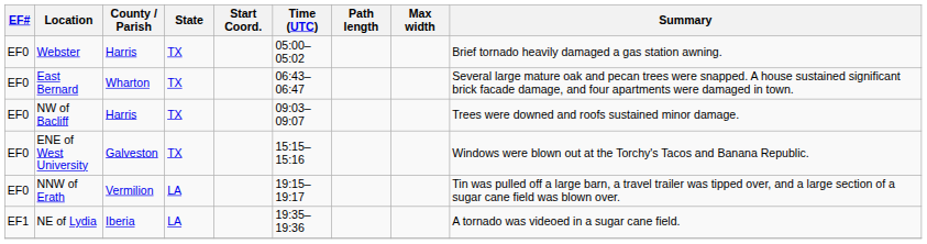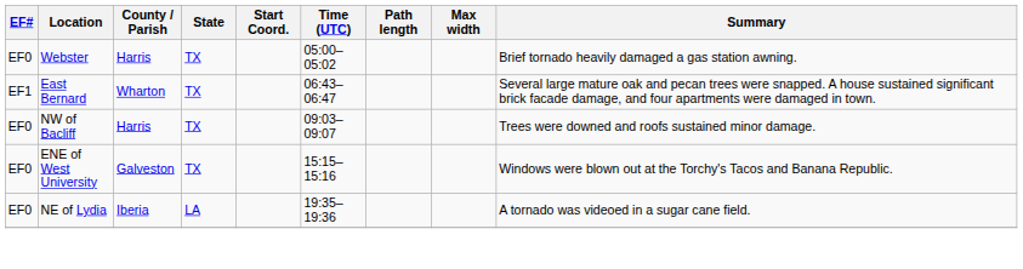 <table class="wikitable sortable" style="width:100%;">
 <tr>
 <th scope="col"  style="width:3%; text-align:center;"><a href='#'>EF#</a></th>
 <th scope="col"  style="width:7%; text-align:center;" class="unsortable">Location</th>
 <th scope="col"  style="width:6%; text-align:center;" class="unsortable">County / Parish</th>
 <th scope="col"  style="width:5%; text-align:center;">State</th>
 <th scope="col"  style="width:6%; text-align:center;">Start Coord.</th>
 <th scope="col"  style="width:6%; text-align:center;">Time (<a href='#'>UTC</a>)</th>
 <th scope="col"  style="width:6%; text-align:center;">Path length</th>
 <th scope="col"  style="width:6%; text-align:center;">Max width</th>
 <th scope="col" class="unsortable" style="width:48%; text-align:center;">Summary</th>
 </tr>
 <tr>
 <td>EF0</td>
 <td><a href='#'>Webster</a></td>
 <td><a href='#'>Harris</a></td>
 <td><a href='#'>TX</a></td>
 <td></td>
 <td>05:00–05:02</td>
 <td></td>
 <td></td>
 <td>Brief tornado heavily damaged a gas station awning.</td>
 </tr>
 <tr>
-<td>EF0</td>
+<td>EF1</td>
 <td><a href='#'>East Bernard</a></td>
 <td><a href='#'>Wharton</a></td>
 <td><a href='#'>TX</a></td>
 <td></td>
 <td>06:43–06:47</td>
 <td></td>
 <td></td>
 <td>Several large mature oak and pecan trees were snapped. A house sustained significant brick facade damage, and four apartments were damaged in town.</td>
 </tr>
 <tr>
 <td>EF0</td>
 <td>NW of <a href='#'>Bacliff</a></td>
 <td><a href='#'>Harris</a></td>
 <td><a href='#'>TX</a></td>
 <td></td>
 <td>09:03–09:07</td>
 <td></td>
 <td></td>
 <td>Trees were downed and roofs sustained minor damage.</td>
 </tr>
 <tr>
 <td>EF0</td>
 <td>ENE of <a href='#'>West University</a></td>
 <td><a href='#'>Galveston</a></td>
 <td><a href='#'>TX</a></td>
 <td></td>
 <td>15:15–15:16</td>
 <td></td>
 <td></td>
 <td>Windows were blown out at the Torchy's Tacos and Banana Republic.</td>
 </tr>
 <tr>
 <td>EF0</td>
-<td>NNW of <a href='#'>Erath</a></td>
-<td><a href='#'>Vermilion</a></td>
-<td><a href='#'>LA</a></td>
-<td></td>
-<td>19:15–19:17</td>
-<td></td>
-<td></td>
-<td>Tin was pulled off a large barn, a travel trailer was tipped over, and a large section of a sugar cane field was blown over.</td>
-</tr>
-<tr>
-<td>EF1</td>
 <td>NE of <a href='#'>Lydia</a></td>
 <td><a href='#'>Iberia</a></td>
 <td><a href='#'>LA</a></td>
 <td></td>
 <td>19:35–19:36</td>
 <td></td>
 <td></td>
 <td>A tornado was videoed in a sugar cane field.</td>
 </tr>
 <tr>
 </tr>
 </table>
